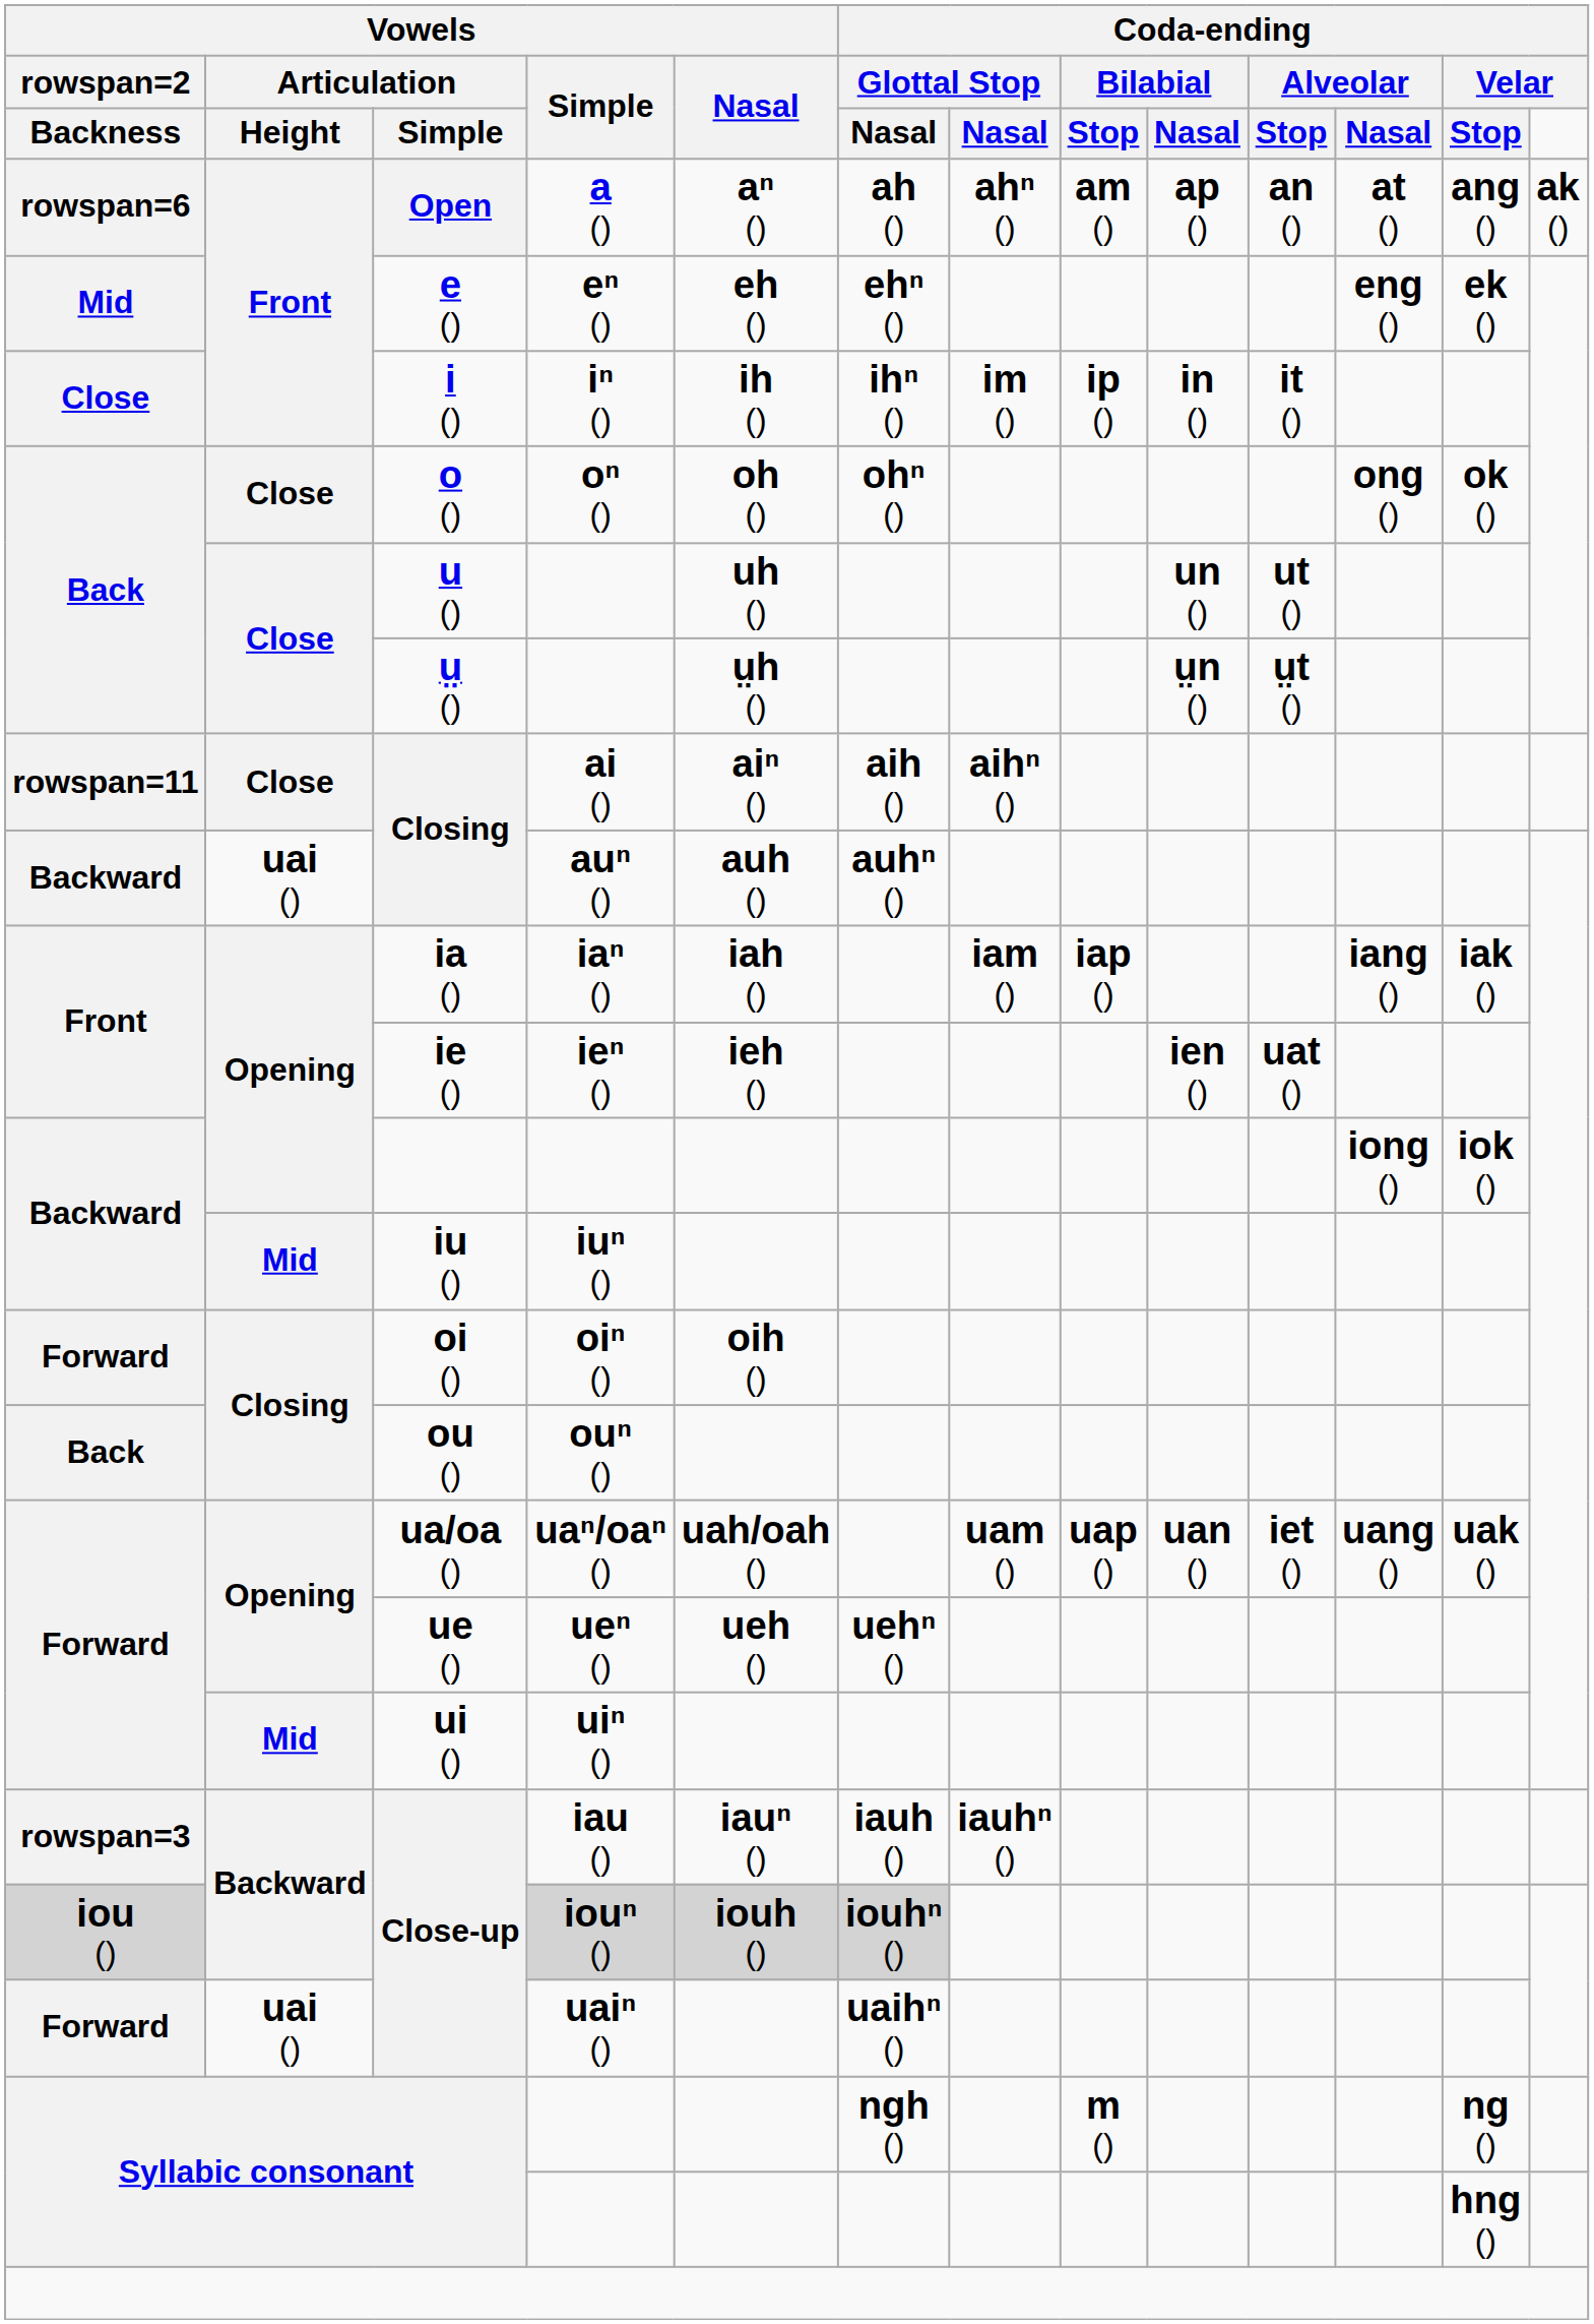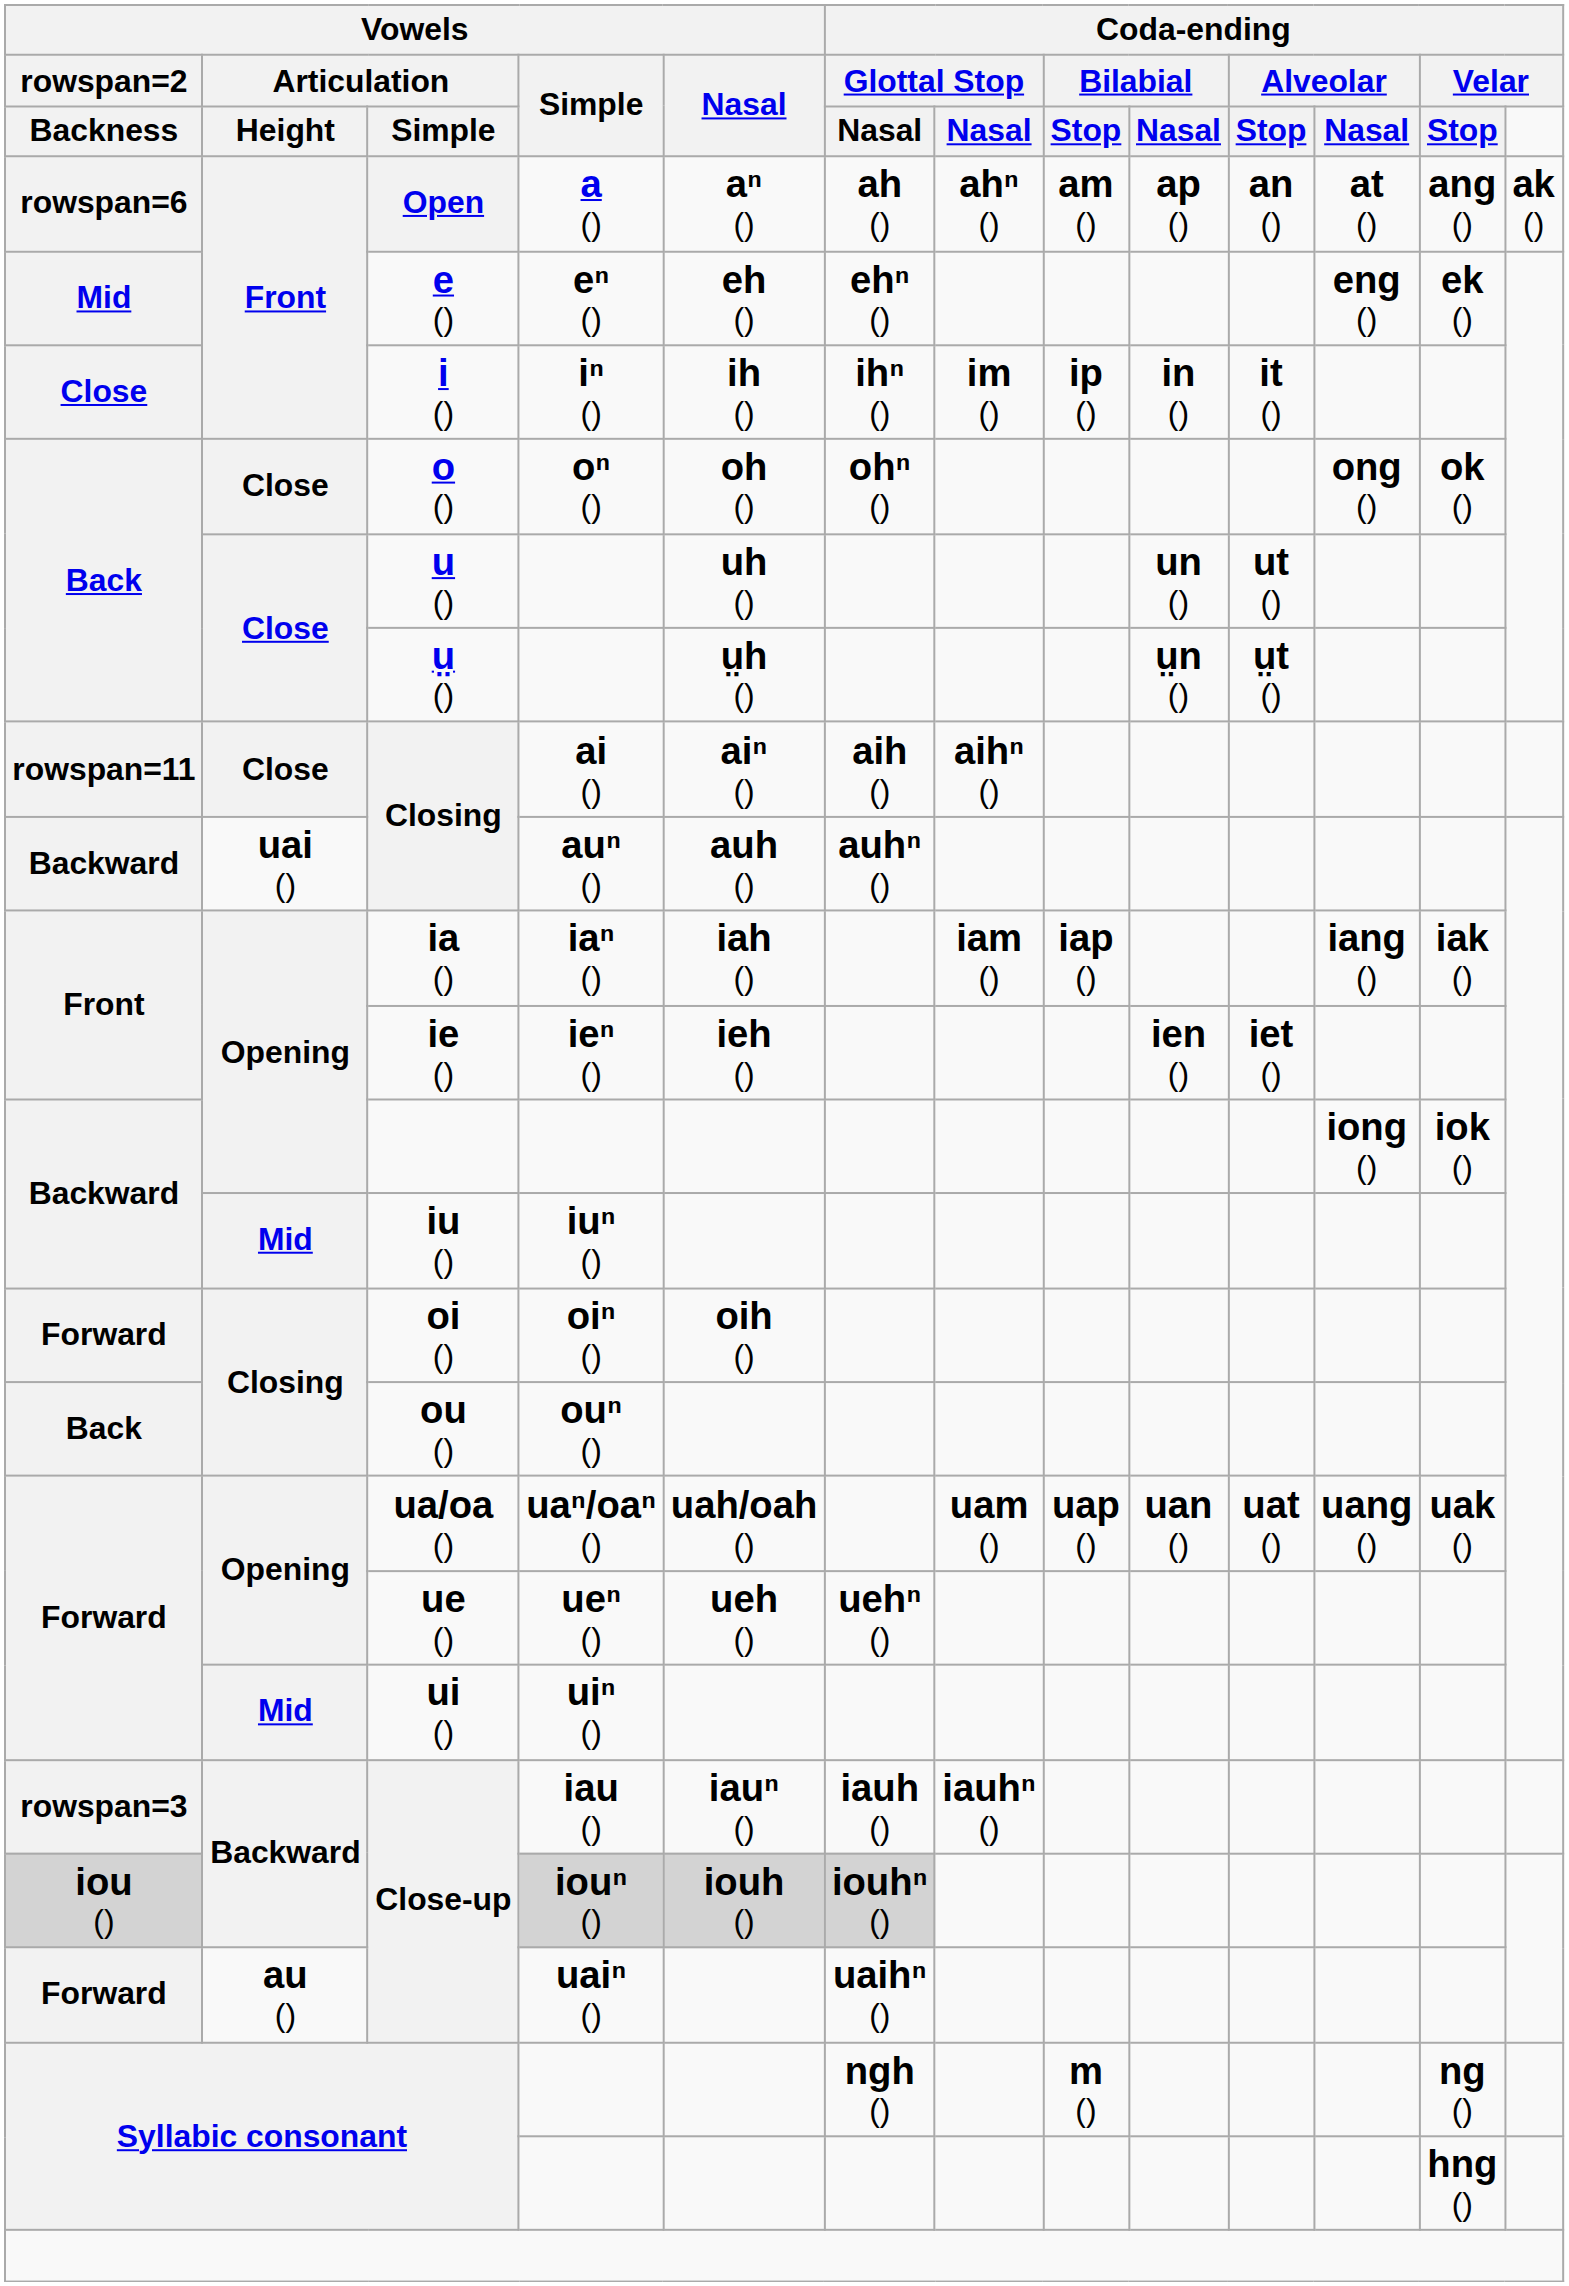 <table class="wikitable" style="text-align:center;">
 <tr>
 <th colspan=5>Vowels</th>
 <th colspan=8>Coda-ending</th>
 </tr>
 <tr>
 <th>rowspan=2 </th>
 <th colspan=2>Articulation</th>
 <th rowspan=2>Simple</th>
 <th rowspan=2><a href='#'>Nasal</a></th>
 <th colspan=2><a href='#'>Glottal Stop</a></th>
 <th colspan=2><a href='#'>Bilabial</a></th>
 <th colspan=2><a href='#'>Alveolar</a></th>
 <th colspan=2><a href='#'>Velar</a></th>
 </tr>
 <tr>
 <th>Backness</th>
 <th>Height</th>
 <th>Simple</th>
 <th>Nasal</th>
 <th><a href='#'>Nasal</a></th>
 <th><a href='#'>Stop</a></th>
 <th><a href='#'>Nasal</a></th>
 <th><a href='#'>Stop</a></th>
 <th><a href='#'>Nasal</a></th>
 <th><a href='#'>Stop</a></th>
 </tr>
 <tr>
 <th>rowspan=6 </th>
 <th rowspan=3><a href='#'>Front</a></th>
 <th><a href='#'>Open</a></th>
 <td><a href='#'><strong><big>a</big></strong> </a><br> ()</td>
 <td><strong><big>aⁿ</big></strong> <br> ()</td>
 <td><strong><big>ah</big></strong> <br> ()</td>
 <td><strong><big>ahⁿ</big></strong> <br> ()</td>
 <td><strong><big>am</big></strong> <br> ()</td>
 <td><strong><big>ap</big></strong> <br> ()</td>
 <td><strong><big>an</big></strong> <br> ()</td>
 <td><strong><big>at</big></strong> <br> ()</td>
 <td><strong><big>ang</big></strong> <br> ()</td>
 <td><strong><big>ak</big></strong> <br> ()</td>
 </tr>
 <tr>
 <th><a href='#'>Mid</a></th>
 <td><a href='#'><strong><big>e</big></strong> </a><br> ()</td>
 <td><strong><big>eⁿ</big></strong> <br> ()</td>
 <td><strong><big>eh</big></strong> <br> ()</td>
 <td><strong><big>ehⁿ</big></strong> <br> ()</td>
 <td></td>
 <td></td>
 <td></td>
 <td></td>
 <td><strong><big>eng</big></strong> <br> ()</td>
 <td><strong><big>ek</big></strong> <br> ()</td>
 </tr>
 <tr>
 <th><a href='#'>Close</a></th>
 <td><a href='#'><strong><big>i</big></strong> </a><br> ()</td>
 <td><strong><big>iⁿ</big></strong> <br> ()</td>
 <td><strong><big>ih</big></strong> <br> ()</td>
 <td><strong><big>ihⁿ</big></strong> <br> ()</td>
 <td><strong><big>im</big></strong> <br> ()</td>
 <td><strong><big>ip</big></strong> <br> ()</td>
 <td><strong><big>in</big></strong> <br> ()</td>
 <td><strong><big>it</big></strong> <br> ()</td>
 <td></td>
 <td></td>
 </tr>
 <tr>
 <th rowspan=3><a href='#'>Back</a></th>
 <th rowspan=1>Close</th>
 <td><a href='#'><strong><big>o</big></strong> </a><br> ()</td>
 <td><strong><big>oⁿ</big></strong> <br> ()</td>
 <td><strong><big>oh</big></strong> <br> ()</td>
 <td><strong><big>ohⁿ</big></strong> <br> ()</td>
 <td></td>
 <td></td>
 <td></td>
 <td></td>
 <td><strong><big>ong</big></strong> <br> ()</td>
 <td><strong><big>ok</big></strong> <br> ()</td>
 </tr>
 <tr>
 <th rowspan=2><a href='#'>Close</a></th>
 <td><a href='#'><strong><big>u</big></strong> </a><br> ()</td>
 <td></td>
 <td><strong><big>uh</big></strong> <br> ()</td>
 <td></td>
 <td></td>
 <td></td>
 <td><strong><big>un</big></strong> <br> ()</td>
 <td><strong><big>ut</big></strong> <br> ()</td>
 <td></td>
 <td></td>
 </tr>
 <tr>
 <td><a href='#'><strong><big>ṳ</big></strong> </a><br> ()</td>
 <td></td>
 <td><strong><big>ṳh</big></strong> <br> ()</td>
 <td></td>
 <td></td>
 <td></td>
 <td><strong><big>ṳn</big></strong> <br> ()</td>
 <td><strong><big>ṳt</big></strong> <br> ()</td>
 <td></td>
 <td></td>
 </tr>
 <tr>
 <th>rowspan=11 </th>
 <th rowspan=1>Close</th>
 <th rowspan=2>Closing</th>
 <td><strong><big>ai</big></strong> <br> ()</td>
 <td><strong><big>aiⁿ</big></strong> <br> ()</td>
 <td><strong><big>aih</big></strong> <br> ()</td>
 <td><strong><big>aihⁿ</big></strong> <br> ()</td>
 <td></td>
 <td></td>
 <td></td>
 <td></td>
 <td></td>
 <td></td>
 </tr>
 <tr>
 <th rowspan=1>Backward</th>
 <td><strong><big>uai</big></strong> <br> ()</td>
 <td><strong><big>auⁿ</big></strong> <br> ()</td>
 <td><strong><big>auh</big></strong> <br> ()</td>
 <td><strong><big>auhⁿ</big></strong> <br> ()</td>
 <td></td>
 <td></td>
 <td></td>
 <td></td>
 <td></td>
 <td></td>
 </tr>
 <tr>
 <th rowspan=2>Front</th>
 <th rowspan=3>Opening</th>
 <td><strong><big>ia</big></strong> <br> ()</td>
 <td><strong><big>iaⁿ</big></strong> <br> ()</td>
 <td><strong><big>iah</big></strong> <br> ()</td>
 <td></td>
 <td><strong><big>iam</big></strong> <br> ()</td>
 <td><strong><big>iap</big></strong> <br> ()</td>
 <td></td>
 <td></td>
 <td><strong><big>iang</big></strong> <br> ()</td>
 <td><strong><big>iak</big></strong> <br> ()</td>
 </tr>
 <tr>
 <td><strong><big>ie</big></strong> <br> ()</td>
 <td><strong><big>ieⁿ</big></strong> <br> ()</td>
 <td><strong><big>ieh</big></strong> <br> ()</td>
 <td></td>
 <td></td>
 <td></td>
 <td><strong><big>ien</big></strong> <br> ()</td>
-<td><strong><big>uat</big></strong> <br> ()</td>
+<td><strong><big>iet</big></strong> <br> ()</td>
 <td></td>
 <td></td>
 </tr>
 <tr>
 <th rowspan=2>Backward</th>
 <td></td>
 <td></td>
 <td></td>
 <td></td>
 <td></td>
 <td></td>
 <td></td>
 <td></td>
 <td><strong><big>iong</big></strong> <br> ()</td>
 <td><strong><big>iok</big></strong> <br> ()</td>
 </tr>
 <tr>
 <th><a href='#'>Mid</a></th>
 <td><strong><big>iu</big></strong> <br> ()</td>
 <td><strong><big>iuⁿ</big></strong> <br> ()</td>
 <td></td>
 <td></td>
 <td></td>
 <td></td>
 <td></td>
 <td></td>
 <td></td>
 <td></td>
 </tr>
 <tr>
 <th rowspan=1>Forward</th>
 <th rowspan=2>Closing</th>
 <td><strong><big>oi</big></strong> <br> ()</td>
 <td><strong><big>oiⁿ</big></strong> <br> ()</td>
 <td><strong><big>oih</big></strong> <br> ()</td>
 <td></td>
 <td></td>
 <td></td>
 <td></td>
 <td></td>
 <td></td>
 <td></td>
 </tr>
 <tr>
 <th rowspan=1>Back</th>
 <td><strong><big>ou</big></strong> <br> ()</td>
 <td><strong><big>ouⁿ</big></strong> <br> ()</td>
 <td></td>
 <td></td>
 <td></td>
 <td></td>
 <td></td>
 <td></td>
 <td></td>
 <td></td>
 </tr>
 <tr>
 <th rowspan=3>Forward</th>
 <th rowspan=2>Opening</th>
 <td><strong><big>ua/oa</big></strong> <br> ()</td>
 <td><strong><big>uaⁿ/oaⁿ</big></strong> <br> ()</td>
 <td><strong><big>uah/oah</big></strong> <br> ()</td>
 <td></td>
 <td><strong><big>uam</big></strong> <br> ()</td>
 <td><strong><big>uap</big></strong> <br> ()</td>
 <td><strong><big>uan</big></strong> <br> ()</td>
-<td><strong><big>iet</big></strong> <br> ()</td>
+<td><strong><big>uat</big></strong> <br> ()</td>
 <td><strong><big>uang</big></strong> <br> ()</td>
 <td><strong><big>uak</big></strong> <br> ()</td>
 </tr>
 <tr>
 <td><strong><big>ue</big></strong> <br> ()</td>
 <td><strong><big>ueⁿ</big></strong> <br> ()</td>
 <td><strong><big>ueh</big></strong> <br> ()</td>
 <td><strong><big>uehⁿ</big></strong> <br> ()</td>
 <td></td>
 <td></td>
 <td></td>
 <td></td>
 <td></td>
 <td></td>
 </tr>
 <tr>
 <th><a href='#'>Mid</a></th>
 <td><strong><big>ui</big></strong> <br> ()</td>
 <td><strong><big>uiⁿ</big></strong> <br> ()</td>
 <td></td>
 <td></td>
 <td></td>
 <td></td>
 <td></td>
 <td></td>
 <td></td>
 <td></td>
 </tr>
 <tr>
 <th>rowspan=3 </th>
 <th rowspan=2>Backward</th>
 <th rowspan=3>Close-up</th>
 <td><strong><big>iau</big></strong> <br> ()</td>
 <td><strong><big>iauⁿ</big></strong> <br> ()</td>
 <td><strong><big>iauh</big></strong> <br> ()</td>
 <td><strong><big>iauhⁿ</big></strong> <br> ()</td>
 <td></td>
 <td></td>
 <td></td>
 <td></td>
 <td></td>
 <td></td>
 </tr>
 <tr>
 <td bgcolor=LightGray><strong><big>iou</big></strong> <br> ()</td>
 <td bgcolor=LightGray><strong><big>iouⁿ</big></strong> <br> ()</td>
 <td bgcolor=LightGray><strong><big>iouh</big></strong> <br> ()</td>
 <td bgcolor=LightGray><strong><big>iouhⁿ</big></strong><br> ()</td>
 <td></td>
 <td></td>
 <td></td>
 <td></td>
 <td></td>
 <td></td>
 </tr>
 <tr>
 <th rowspan=1>Forward</th>
-<td><strong><big>uai</big></strong> <br> ()</td>
+<td><strong><big>au</big></strong> <br> ()</td>
 <td><strong><big>uaiⁿ</big></strong> <br> ()</td>
 <td></td>
 <td><strong><big>uaihⁿ</big></strong> <br> ()</td>
 <td></td>
 <td></td>
 <td></td>
 <td></td>
 <td></td>
 <td></td>
 </tr>
 <tr>
 <th colspan=3 rowspan=2><a href='#'>Syllabic consonant</a></th>
 <td></td>
 <td></td>
 <td><strong><big>ngh</big></strong> <br> ()</td>
 <td></td>
 <td><strong><big>m</big></strong> <br> ()</td>
 <td></td>
 <td></td>
 <td></td>
 <td><strong><big>ng</big></strong> <br> ()</td>
 <td></td>
 </tr>
 <tr>
 <td></td>
 <td></td>
 <td></td>
 <td></td>
 <td></td>
 <td></td>
 <td></td>
 <td></td>
 <td><strong><big>hng</big></strong> <br> ()</td>
 <td></td>
 </tr>
 <tr>
 <td colspan=13 align=left><br> </td>
 </tr>
 </table>
